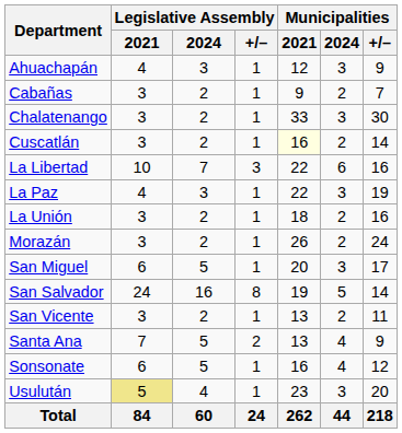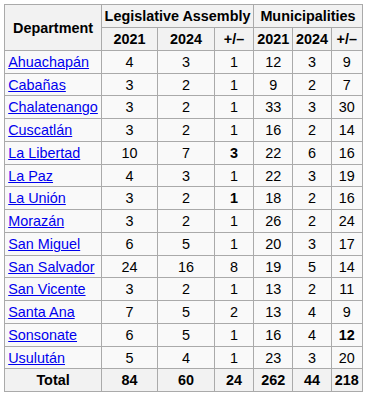 <table class="wikitable sortable" style="font-size:90%; text-align:center; float:right">
 <tr>
 <th rowspan="2">Department</th>
 <th colspan="3">Legislative Assembly</th>
 <th colspan="3">Municipalities</th>
 </tr>
 <tr>
 <th data-sort-type="number">2021</th>
 <th data-sort-type="number">2024</th>
 <th>+/–</th>
 <th data-sort-type="number">2021</th>
 <th data-sort-type="number">2024</th>
 <th>+/–</th>
 </tr>
 <tr>
 <td align="left"><a href='#'>Ahuachapán</a></td>
 <td>4</td>
 <td>3</td>
 <td> 1</td>
 <td>12</td>
 <td>3</td>
 <td> 9</td>
 </tr>
 <tr>
 <td align="left"><a href='#'>Cabañas</a></td>
 <td>3</td>
 <td>2</td>
 <td> 1</td>
 <td>9</td>
 <td>2</td>
 <td> 7</td>
 </tr>
 <tr>
 <td align="left"><a href='#'>Chalatenango</a></td>
 <td>3</td>
 <td>2</td>
 <td> 1</td>
 <td>33</td>
 <td>3</td>
 <td> 30</td>
 </tr>
 <tr>
 <td align="left"><a href='#'>Cuscatlán</a></td>
 <td>3</td>
 <td>2</td>
 <td> 1</td>
-<td style="background: lightyellow;">16</td>
+<td>16</td>
 <td>2</td>
 <td> 14</td>
 </tr>
 <tr>
 <td align="left"><a href='#'>La Libertad</a></td>
 <td>10</td>
 <td>7</td>
-<td> 3</td>
+<td><strong> 3</strong></td>
 <td>22</td>
 <td>6</td>
 <td> 16</td>
 </tr>
 <tr>
 <td align="left"><a href='#'>La Paz</a></td>
 <td>4</td>
 <td>3</td>
 <td> 1</td>
 <td>22</td>
 <td>3</td>
 <td> 19</td>
 </tr>
 <tr>
 <td align="left"><a href='#'>La Unión</a></td>
 <td>3</td>
 <td>2</td>
-<td> 1</td>
+<td><strong> 1</strong></td>
 <td>18</td>
 <td>2</td>
 <td> 16</td>
 </tr>
 <tr>
 <td align="left"><a href='#'>Morazán</a></td>
 <td>3</td>
 <td>2</td>
 <td> 1</td>
 <td>26</td>
 <td>2</td>
 <td> 24</td>
 </tr>
 <tr>
 <td align="left"><a href='#'>San Miguel</a></td>
 <td>6</td>
 <td>5</td>
 <td> 1</td>
 <td>20</td>
 <td>3</td>
 <td> 17</td>
 </tr>
 <tr>
 <td align="left"><a href='#'>San Salvador</a></td>
 <td>24</td>
 <td>16</td>
 <td> 8</td>
 <td>19</td>
 <td>5</td>
 <td> 14</td>
 </tr>
 <tr>
 <td align="left"><a href='#'>San Vicente</a></td>
 <td>3</td>
 <td>2</td>
 <td> 1</td>
 <td>13</td>
 <td>2</td>
 <td> 11</td>
 </tr>
 <tr>
 <td align="left"><a href='#'>Santa Ana</a></td>
 <td>7</td>
 <td>5</td>
 <td> 2</td>
 <td>13</td>
 <td>4</td>
 <td> 9</td>
 </tr>
 <tr>
 <td align="left"><a href='#'>Sonsonate</a></td>
 <td>6</td>
 <td>5</td>
 <td> 1</td>
 <td>16</td>
 <td>4</td>
-<td> 12</td>
+<td><strong> 12</strong></td>
 </tr>
 <tr>
 <td align="left"><a href='#'>Usulután</a></td>
-<td style="background: khaki;">5</td>
+<td>5</td>
 <td>4</td>
 <td> 1</td>
 <td>23</td>
 <td>3</td>
 <td> 20</td>
 </tr>
 <tr>
 <th>Total</th>
 <th>84</th>
 <th>60</th>
 <th> 24</th>
 <th>262</th>
 <th>44</th>
 <th> 218</th>
 </tr>
 </table>
